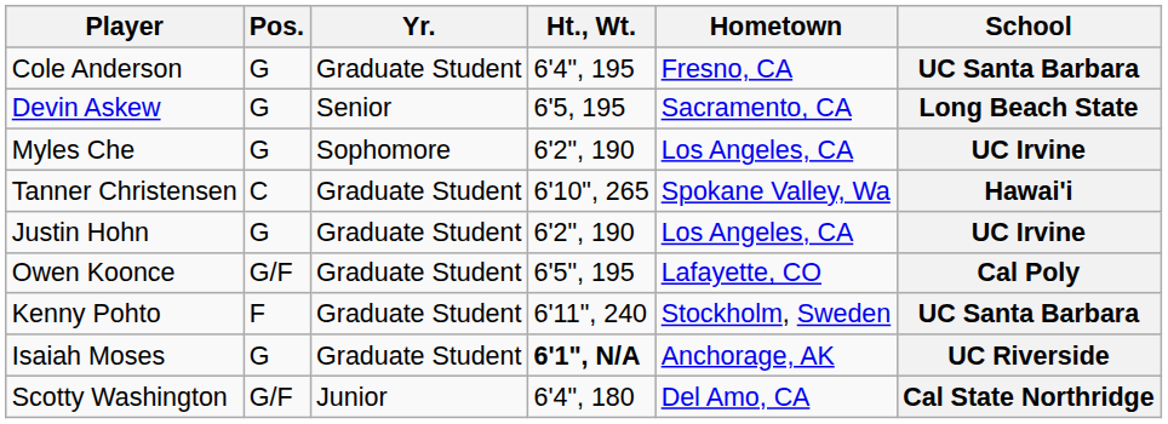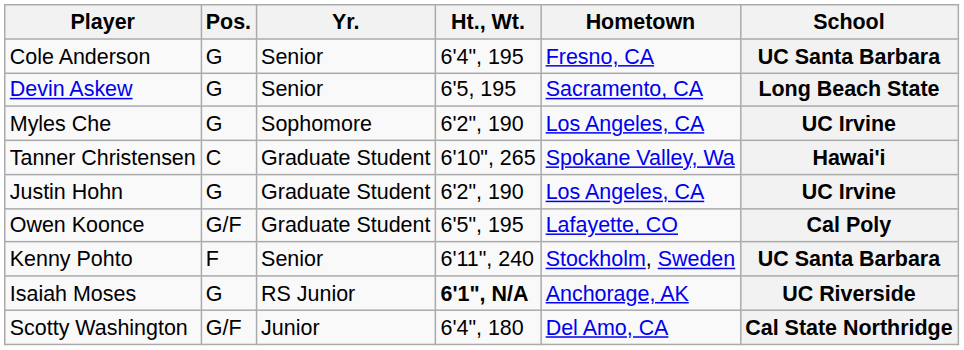 <table class="wikitable" style="white-space:nowrap; font-size:90%;">
 <tr>
 <th>Player</th>
 <th>Pos.</th>
 <th>Yr.</th>
 <th>Ht., Wt.</th>
 <th>Hometown</th>
 <th>School</th>
 </tr>
 <tr>
 <td>Cole Anderson</td>
 <td>G</td>
-<td>Graduate Student</td>
+<td>Senior</td>
 <td>6'4", 195</td>
 <td><a href='#'>Fresno, CA</a></td>
 <th>UC Santa Barbara</th>
 </tr>
 <tr>
 <td><a href='#'>Devin Askew</a></td>
 <td>G</td>
 <td>Senior</td>
 <td>6'5, 195</td>
 <td><a href='#'>Sacramento, CA</a></td>
 <th>Long Beach State</th>
 </tr>
 <tr>
 <td>Myles Che</td>
 <td>G</td>
 <td>Sophomore</td>
 <td>6'2", 190</td>
 <td><a href='#'>Los Angeles, CA</a></td>
 <th>UC Irvine</th>
 </tr>
 <tr>
 <td>Tanner Christensen</td>
 <td>C</td>
 <td>Graduate Student</td>
 <td>6'10", 265</td>
 <td><a href='#'>Spokane Valley, Wa</a></td>
 <th>Hawai'i</th>
 </tr>
 <tr>
 <td>Justin Hohn</td>
 <td>G</td>
 <td>Graduate Student</td>
 <td>6'2", 190</td>
 <td><a href='#'>Los Angeles, CA</a></td>
 <th>UC Irvine</th>
 </tr>
 <tr>
 <td>Owen Koonce</td>
 <td>G/F</td>
 <td>Graduate Student</td>
 <td>6'5", 195</td>
 <td><a href='#'>Lafayette, CO</a></td>
 <th>Cal Poly</th>
 </tr>
 <tr>
 <td>Kenny Pohto</td>
 <td>F</td>
-<td>Graduate Student</td>
+<td>Senior</td>
 <td>6'11", 240</td>
 <td><a href='#'>Stockholm</a>, <a href='#'>Sweden</a></td>
 <th>UC Santa Barbara</th>
 </tr>
 <tr>
 <td>Isaiah Moses</td>
 <td>G</td>
-<td>Graduate Student</td>
+<td>RS Junior</td>
 <td><strong>6'1", N/A</strong></td>
 <td><a href='#'>Anchorage, AK</a></td>
 <th>UC Riverside</th>
 </tr>
 <tr>
 <td>Scotty Washington</td>
 <td>G/F</td>
 <td>Junior</td>
 <td>6'4", 180</td>
 <td><a href='#'>Del Amo, CA</a></td>
 <th>Cal State Northridge</th>
 </tr>
 </table>
